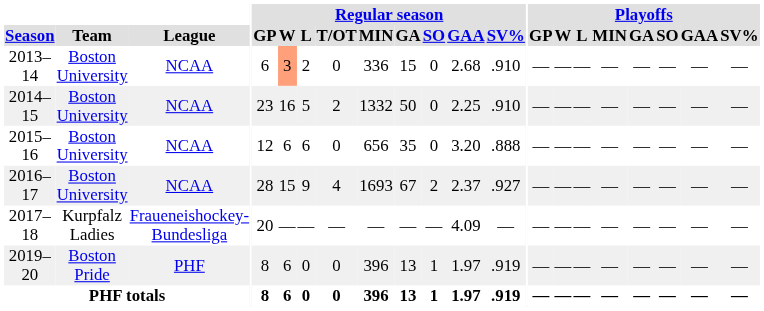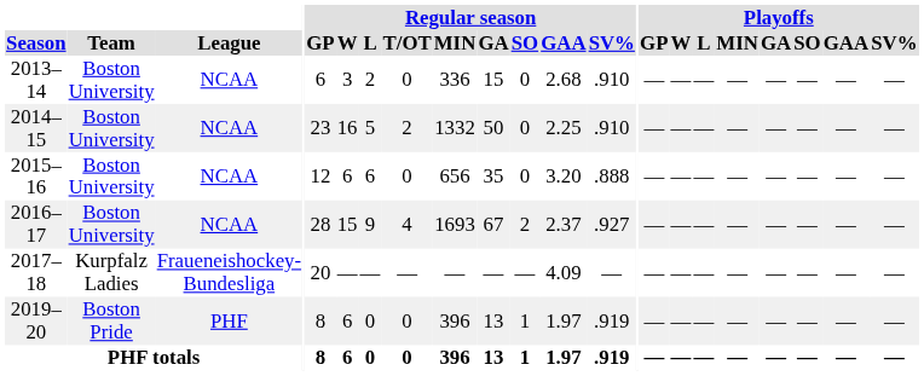 <table border="0" cellpadding="1" cellspacing="0" style="text-align:center; width:75%">
 <tr bgcolor="#e0e0e0">
 <th colspan="3" bgcolor="#ffffff"></th>
 <th rowspan="99" bgcolor="#ffffff"></th>
 <th colspan="9" bgcolor="#e0e0e0"><a href='#'>Regular season</a></th>
 <th rowspan="99" bgcolor="#ffffff"></th>
 <th colspan="8" bgcolor="#e0e0e0"><a href='#'>Playoffs</a></th>
 </tr>
 <tr bgcolor="#e0e0e0">
 <th><a href='#'>Season</a></th>
 <th>Team</th>
 <th>League</th>
 <th>GP</th>
 <th>W</th>
 <th>L</th>
 <th>T/OT</th>
 <th>MIN</th>
 <th>GA</th>
 <th><a href='#'>SO</a></th>
 <th><a href='#'>GAA</a></th>
 <th><a href='#'>SV%</a></th>
 <th>GP</th>
 <th>W</th>
 <th>L</th>
 <th>MIN</th>
 <th>GA</th>
 <th>SO</th>
 <th>GAA</th>
 <th>SV%</th>
 </tr>
 <tr>
 <td>2013–14</td>
 <td><a href='#'>Boston University</a></td>
 <td><a href='#'>NCAA</a></td>
 <td>6</td>
-<td style="background: lightsalmon;">3</td>
+<td>3</td>
 <td>2</td>
 <td>0</td>
 <td>336</td>
 <td>15</td>
 <td>0</td>
 <td>2.68</td>
 <td>.910</td>
 <td>—</td>
 <td>—</td>
 <td>—</td>
 <td>—</td>
 <td>—</td>
 <td>—</td>
 <td>—</td>
 <td>—</td>
 </tr>
 <tr bgcolor="#f0f0f0">
 <td>2014–15</td>
 <td><a href='#'>Boston University</a></td>
 <td><a href='#'>NCAA</a></td>
 <td>23</td>
 <td>16</td>
 <td>5</td>
 <td>2</td>
 <td>1332</td>
 <td>50</td>
 <td>0</td>
 <td>2.25</td>
 <td>.910</td>
 <td>—</td>
 <td>—</td>
 <td>—</td>
 <td>—</td>
 <td>—</td>
 <td>—</td>
 <td>—</td>
 <td>—</td>
 </tr>
 <tr>
 <td>2015–16</td>
 <td><a href='#'>Boston University</a></td>
 <td><a href='#'>NCAA</a></td>
 <td>12</td>
 <td>6</td>
 <td>6</td>
 <td>0</td>
 <td>656</td>
 <td>35</td>
 <td>0</td>
 <td>3.20</td>
 <td>.888</td>
 <td>—</td>
 <td>—</td>
 <td>—</td>
 <td>—</td>
 <td>—</td>
 <td>—</td>
 <td>—</td>
 <td>—</td>
 </tr>
 <tr bgcolor="#f0f0f0">
 <td>2016–17</td>
 <td><a href='#'>Boston University</a></td>
 <td><a href='#'>NCAA</a></td>
 <td>28</td>
 <td>15</td>
 <td>9</td>
 <td>4</td>
 <td>1693</td>
 <td>67</td>
 <td>2</td>
 <td>2.37</td>
 <td>.927</td>
 <td>—</td>
 <td>—</td>
 <td>—</td>
 <td>—</td>
 <td>—</td>
 <td>—</td>
 <td>—</td>
 <td>—</td>
 </tr>
 <tr>
 <td>2017–18</td>
 <td>Kurpfalz Ladies</td>
 <td><a href='#'>Fraueneishockey-Bundesliga</a></td>
 <td>20</td>
 <td>—</td>
 <td>—</td>
 <td>—</td>
 <td>—</td>
 <td>—</td>
 <td>—</td>
 <td>4.09</td>
 <td>—</td>
 <td>—</td>
 <td>—</td>
 <td>—</td>
 <td>—</td>
 <td>—</td>
 <td>—</td>
 <td>—</td>
 <td>—</td>
 </tr>
 <tr bgcolor="#f0f0f0">
 <td>2019–20</td>
 <td><a href='#'>Boston Pride</a></td>
 <td><a href='#'>PHF</a></td>
 <td>8</td>
 <td>6</td>
 <td>0</td>
 <td>0</td>
 <td>396</td>
 <td>13</td>
 <td>1</td>
 <td>1.97</td>
 <td>.919</td>
 <td>—</td>
 <td>—</td>
 <td>—</td>
 <td>—</td>
 <td>—</td>
 <td>—</td>
 <td>—</td>
 <td>—</td>
 </tr>
 <tr>
 <th colspan="3">PHF totals</th>
 <th>8</th>
 <th>6</th>
 <th>0</th>
 <th>0</th>
 <th>396</th>
 <th>13</th>
 <th>1</th>
 <th>1.97</th>
 <th>.919</th>
 <th>—</th>
 <th>—</th>
 <th>—</th>
 <th>—</th>
 <th>—</th>
 <th>—</th>
 <th>—</th>
 <th>—</th>
 </tr>
 </table>
